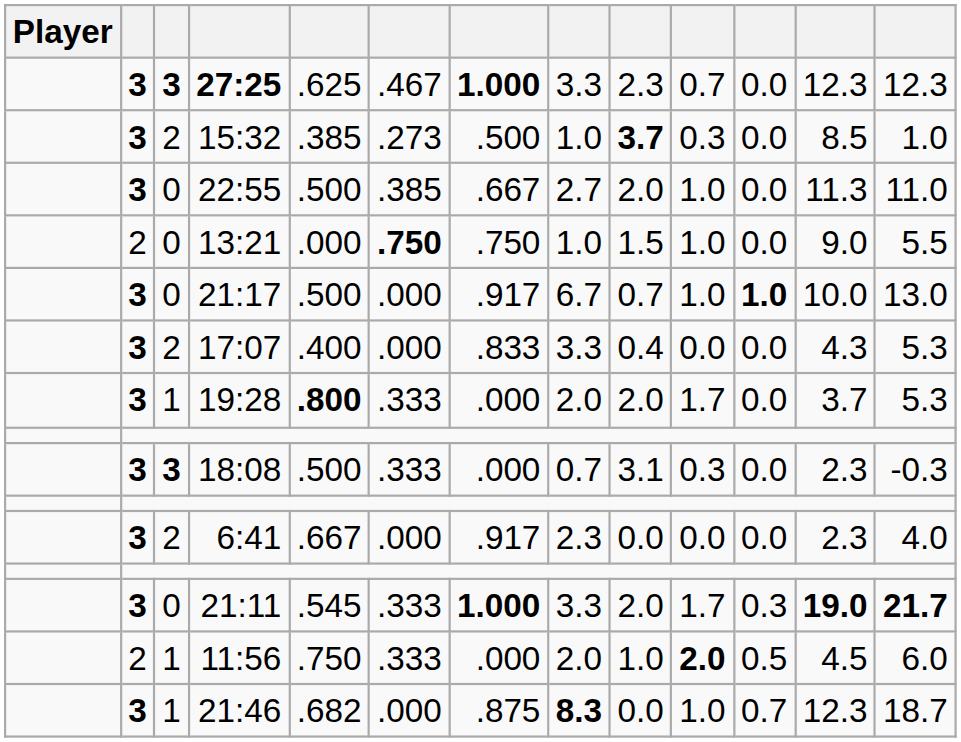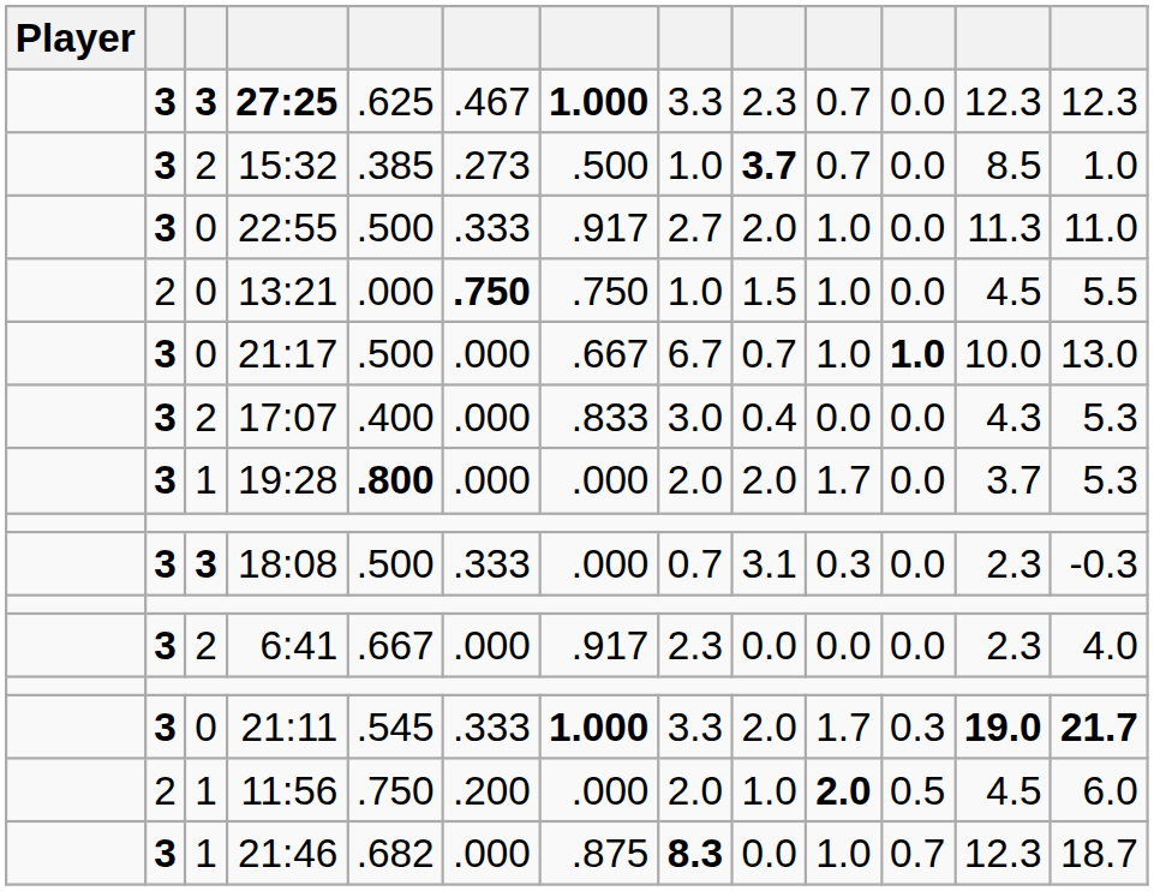 <table class="wikitable sortable" style="font-size:95%; text-align:right;">
 <tr>
 <th>Player</th>
 <th></th>
 <th></th>
 <th></th>
 <th></th>
 <th></th>
 <th></th>
 <th></th>
 <th></th>
 <th></th>
 <th></th>
 <th></th>
 <th></th>
 </tr>
 <tr>
 <td><strong></strong></td>
 <td><strong>3</strong></td>
 <td><strong>3</strong></td>
 <td><strong>27:25</strong></td>
 <td>.625 </td>
 <td>.467 </td>
 <td><strong>1.000</strong> </td>
 <td>3.3</td>
 <td>2.3</td>
 <td>0.7</td>
 <td>0.0</td>
 <td>12.3</td>
 <td>12.3</td>
 </tr>
 <tr>
 <td><strong></strong></td>
 <td><strong>3</strong></td>
 <td>2</td>
 <td>15:32</td>
 <td>.385 </td>
 <td>.273 </td>
 <td>.500 </td>
 <td>1.0</td>
 <td><strong>3.7</strong></td>
-<td>0.3</td>
+<td>0.7</td>
 <td>0.0</td>
 <td>8.5</td>
 <td>1.0</td>
 </tr>
 <tr>
 <td><strong></strong></td>
 <td><strong>3</strong></td>
 <td>0</td>
 <td>22:55</td>
 <td>.500 </td>
-<td>.385 </td>
-<td>.667 </td>
+<td>.333 </td>
+<td>.917 </td>
 <td>2.7</td>
 <td>2.0</td>
 <td>1.0</td>
 <td>0.0</td>
 <td>11.3</td>
 <td>11.0</td>
 </tr>
 <tr>
 <td><strong></strong></td>
 <td>2</td>
 <td>0</td>
 <td>13:21</td>
 <td>.000 </td>
 <td><strong>.750</strong> </td>
 <td>.750 </td>
 <td>1.0</td>
 <td>1.5</td>
 <td>1.0</td>
 <td>0.0</td>
-<td>9.0</td>
+<td>4.5</td>
 <td>5.5</td>
 </tr>
 <tr>
 <td><strong></strong></td>
 <td><strong>3</strong></td>
 <td>0</td>
 <td>21:17</td>
 <td>.500 </td>
 <td>.000 </td>
-<td>.917 </td>
+<td>.667 </td>
 <td>6.7</td>
 <td>0.7</td>
 <td>1.0</td>
 <td><strong>1.0</strong></td>
 <td>10.0</td>
 <td>13.0</td>
 </tr>
 <tr>
 <td><strong></strong></td>
 <td><strong>3</strong></td>
 <td>2</td>
 <td>17:07</td>
 <td>.400 </td>
 <td>.000 </td>
 <td>.833 </td>
-<td>3.3</td>
+<td>3.0</td>
 <td>0.4</td>
 <td>0.0</td>
 <td>0.0</td>
 <td>4.3</td>
 <td>5.3</td>
 </tr>
 <tr>
 <td><strong></strong></td>
 <td><strong>3</strong></td>
 <td>1</td>
 <td>19:28</td>
 <td><strong>.800</strong> </td>
-<td>.333 </td>
+<td>.000 </td>
 <td>.000 </td>
 <td>2.0</td>
 <td>2.0</td>
 <td>1.7</td>
 <td>0.0</td>
 <td>3.7</td>
 <td>5.3</td>
 </tr>
 <tr>
 <td><strong></strong></td>
 <td colspan=12 data-sort-value="-50"></td>
 </tr>
 <tr>
 <td><strong></strong></td>
 <td><strong>3</strong></td>
 <td><strong>3</strong></td>
 <td>18:08</td>
 <td>.500 </td>
 <td>.333 </td>
 <td>.000 </td>
 <td>0.7</td>
 <td>3.1</td>
 <td>0.3</td>
 <td>0.0</td>
 <td>2.3</td>
 <td>-0.3</td>
 </tr>
 <tr>
 <td><strong></strong></td>
 <td colspan=12 data-sort-value="-50"></td>
 </tr>
 <tr>
 <td><strong></strong></td>
 <td><strong>3</strong></td>
 <td>2</td>
 <td>6:41</td>
 <td>.667 </td>
 <td>.000 </td>
 <td>.917 </td>
 <td>2.3</td>
 <td>0.0</td>
 <td>0.0</td>
 <td>0.0</td>
 <td>2.3</td>
 <td>4.0</td>
 </tr>
 <tr>
 <td><strong></strong></td>
 <td colspan=12 data-sort-value="-50"></td>
 </tr>
 <tr>
 <td><strong></strong></td>
 <td><strong>3</strong></td>
 <td>0</td>
 <td>21:11</td>
 <td>.545 </td>
 <td>.333 </td>
 <td><strong>1.000</strong> </td>
 <td>3.3</td>
 <td>2.0</td>
 <td>1.7</td>
 <td>0.3</td>
 <td><strong>19.0</strong></td>
 <td><strong>21.7</strong></td>
 </tr>
 <tr>
 <td><strong></strong></td>
 <td>2</td>
 <td>1</td>
 <td>11:56</td>
 <td>.750 </td>
-<td>.333 </td>
+<td>.200 </td>
 <td>.000 </td>
 <td>2.0</td>
 <td>1.0</td>
 <td><strong>2.0</strong></td>
 <td>0.5</td>
 <td>4.5</td>
 <td>6.0</td>
 </tr>
 <tr>
 <td><strong></strong></td>
 <td><strong>3</strong></td>
 <td>1</td>
 <td>21:46</td>
 <td>.682 </td>
 <td>.000 </td>
 <td>.875 </td>
 <td><strong>8.3</strong></td>
 <td>0.0</td>
 <td>1.0</td>
 <td>0.7</td>
 <td>12.3</td>
 <td>18.7</td>
 </tr>
 </table>
